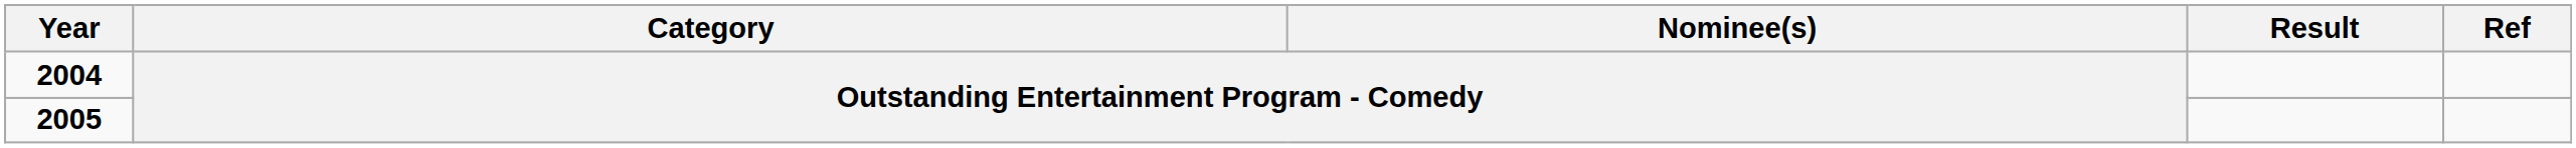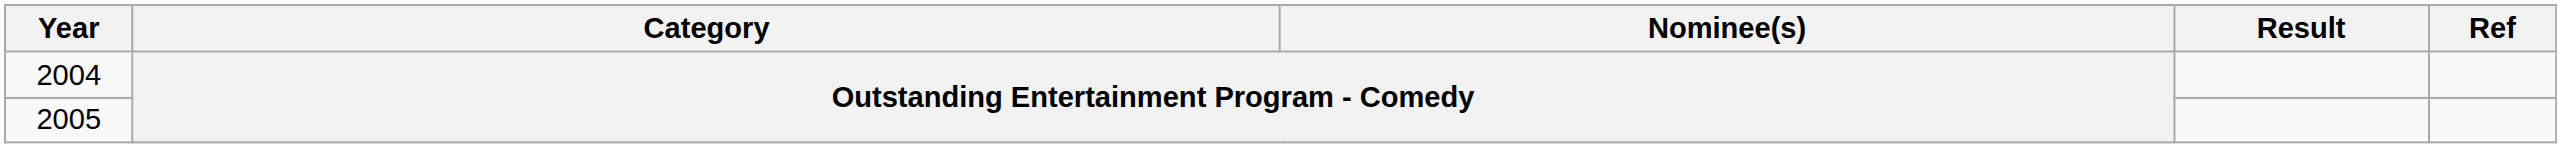 <table class="wikitable plainrowheaders" style="font-size: 90%; text-align:center" width=100%>
 <tr>
 <th scope="col" width="5%">Year</th>
 <th scope="col" width="45%">Category</th>
 <th scope="col" width="35%">Nominee(s)</th>
 <th scope="col" width="10%">Result</th>
 <th scope="col" width="5%">Ref</th>
 </tr>
 <tr>
-<td><strong>2004</strong></td>
+<td>2004</td>
 <th scope="row" style="text-align:center" colspan="2" rowspan="2">Outstanding Entertainment Program - Comedy</th>
 <td></td>
 <td></td>
 </tr>
 <tr>
-<td><strong>2005</strong></td>
+<td>2005</td>
 <td></td>
 <td></td>
 </tr>
 </table>
